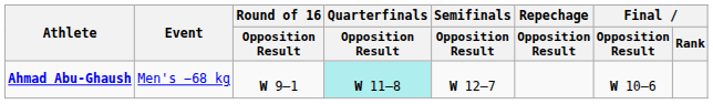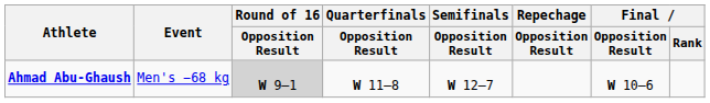 <table class="wikitable" style="font-size:90%;">
 <tr>
 <th rowspan=2>Athlete</th>
 <th rowspan=2>Event</th>
 <th>Round of 16</th>
 <th>Quarterfinals</th>
 <th>Semifinals</th>
 <th>Repechage</th>
 <th colspan=2>Final / </th>
 </tr>
 <tr style="font-size:95%">
 <th>Opposition<br>Result</th>
 <th>Opposition<br>Result</th>
 <th>Opposition<br>Result</th>
 <th>Opposition<br>Result</th>
 <th>Opposition<br>Result</th>
 <th>Rank</th>
 </tr>
 <tr align=center>
 <td align=left><strong><a href='#'>Ahmad Abu-Ghaush</a></strong></td>
 <td align=left><a href='#'>Men's −68 kg</a></td>
-<td><br><strong>W</strong> 9–1</td>
-<td style="background: paleturquoise;"><br><strong>W</strong> 11–8</td>
+<td style="background: lightgrey;"><br><strong>W</strong> 9–1</td>
+<td><br><strong>W</strong> 11–8</td>
 <td><br><strong>W</strong> 12–7</td>
 <td></td>
 <td><br><strong>W</strong> 10–6</td>
 <td></td>
 </tr>
 </table>
